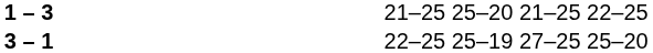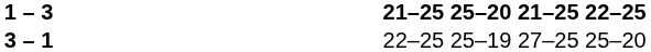 <table width=100% cellspacing=1>
 <tr>
 <th width=20%></th>
 <th width=12%></th>
 <th width=20%></th>
 <th width=33%></th>
 <td></td>
 </tr>
 <tr style=font-size:90%>
 <td align=right></td>
 <td align=center><strong>1 – 3</strong></td>
 <td><strong></strong></td>
-<td>21–25 25–20 21–25 22–25</td>
+<td><strong>21–25 25–20 21–25 22–25</strong></td>
 <td></td>
 </tr>
 <tr style=font-size:90%>
 <td align=right><strong></strong></td>
 <td align=center><strong>3 – 1</strong></td>
 <td></td>
 <td>22–25 25–19 27–25 25–20</td>
 </tr>
 </table>
